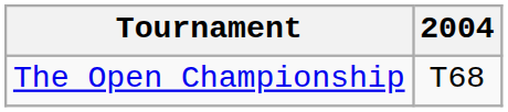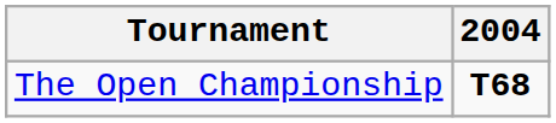 <table class="wikitable" style="font-size:95%;text-align:center;">
 <tr>
 <th>Tournament</th>
 <th>2004</th>
 </tr>
 <tr>
 <td align=left><a href='#'>The Open Championship</a></td>
-<td>T68</td>
+<td><strong>T68</strong></td>
 </tr>
 </table>
